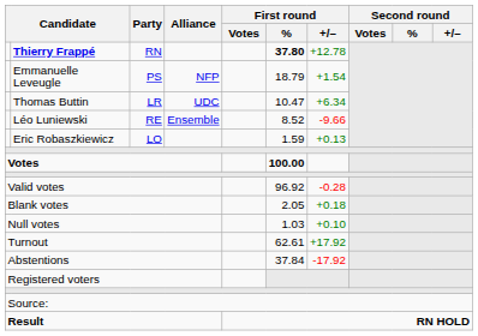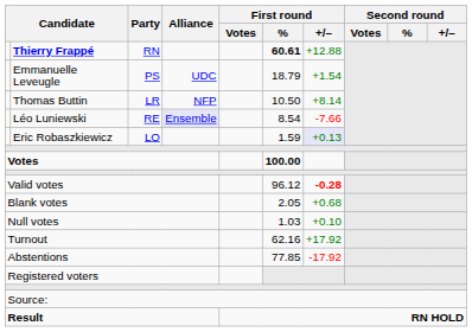 <table class="wikitable" style="text-align:right;font-size:95%;">
 <tr>
 <th rowspan="2" colspan="2">Candidate</th>
 <th colspan="1" rowspan="2">Party</th>
 <th colspan="1" rowspan="2">Alliance</th>
 <th colspan="3">First round</th>
 <th colspan="3">Second round</th>
 </tr>
 <tr>
 <th style="width:50px;">Votes</th>
 <th style="width:45px;">%</th>
 <th style="width:45px;">+/–</th>
 <th style="width:50px;">Votes</th>
 <th style="width:45px;">%</th>
 <th style="width:45px;">+/–</th>
 </tr>
 <tr>
 <td style="background:"></td>
 <td style="text-align:left;"><strong><a href='#'>Thierry Frappé</a></strong></td>
 <td><a href='#'>RN</a></td>
 <td></td>
 <td><strong></strong></td>
-<td><strong>37.80</strong></td>
-<td style="color:green;">+12.78</td>
+<td><strong>60.61</strong></td>
+<td style="color:green;">+12.88</td>
 <td colspan="3" rowspan="5" style="background:#E9E9E9;"></td>
 </tr>
 <tr>
 <td style="background:"></td>
 <td style="text-align:left;">Emmanuelle Leveugle</td>
 <td><a href='#'>PS</a></td>
-<td><a href='#'>NFP</a></td>
+<td><a href='#'>UDC</a></td>
 <td></td>
 <td>18.79</td>
 <td style="color:green;">+1.54</td>
 </tr>
 <tr>
 <td style="background:"></td>
 <td style="text-align:left;">Thomas Buttin</td>
 <td><a href='#'>LR</a></td>
-<td><a href='#'>UDC</a></td>
+<td><a href='#'>NFP</a></td>
 <td></td>
-<td>10.47</td>
-<td style="color:green;">+6.34</td>
+<td>10.50</td>
+<td style="color:green;">+8.14</td>
 </tr>
 <tr>
 <td style="background:"></td>
 <td style="text-align:left;">Léo Luniewski</td>
 <td><a href='#'>RE</a></td>
-<td><a href='#'>Ensemble</a></td>
+<td style="background: lavender;"><a href='#'>Ensemble</a></td>
 <td></td>
-<td>8.52</td>
-<td style="color:red;">-9.66</td>
+<td>8.54</td>
+<td style="color:red;">-7.66</td>
 </tr>
 <tr>
 <td style="background:"></td>
 <td style="text-align:left;">Eric Robaszkiewicz</td>
 <td><a href='#'>LO</a></td>
 <td></td>
 <td></td>
 <td>1.59</td>
-<td style="color:green;">+0.13</td>
+<td style="background: lavender; color:green;">+0.13</td>
 </tr>
 <tr>
 <td colspan="10" style="background:#E9E9E9;"></td>
 </tr>
 <tr style="font-weight:bold;">
 <td colspan="4" style="text-align:left;">Votes</td>
 <td></td>
 <td>100.00</td>
 <td></td>
 <td colspan="3" rowspan="1" style="background:#E9E9E9;"></td>
 </tr>
 <tr>
 <td colspan="10" style="background:#E9E9E9;"></td>
 </tr>
 <tr>
 <td colspan="4" style="text-align:left;">Valid votes</td>
 <td></td>
-<td>96.92</td>
-<td style="color:red;">-0.28</td>
+<td>96.12</td>
+<td style="color:red;"><strong>-0.28</strong></td>
 <td colspan="3" rowspan="1" style="background:#E9E9E9;"></td>
 </tr>
 <tr>
 <td colspan="4" style="text-align:left;">Blank votes</td>
 <td></td>
 <td>2.05</td>
-<td style="color:green;">+0.18</td>
+<td style="color:green;">+0.68</td>
 <td colspan="3" rowspan="1" style="background:#E9E9E9;"></td>
 </tr>
 <tr>
 <td colspan="4" style="text-align:left;">Null votes</td>
 <td></td>
 <td>1.03</td>
 <td style="color:green;">+0.10</td>
 <td colspan="3" rowspan="1" style="background:#E9E9E9;"></td>
 </tr>
 <tr>
 <td colspan="4" style="text-align:left;">Turnout</td>
 <td></td>
-<td>62.61</td>
+<td>62.16</td>
 <td style="color:green;">+17.92</td>
 <td colspan="3" rowspan="1" style="background:#E9E9E9;"></td>
 </tr>
 <tr>
 <td colspan="4" style="text-align:left;">Abstentions</td>
 <td></td>
-<td>37.84</td>
+<td>77.85</td>
 <td style="color:red;">-17.92</td>
 <td colspan="3" rowspan="1" style="background:#E9E9E9;"></td>
 </tr>
 <tr>
 <td colspan="4" style="text-align:left;">Registered voters</td>
 <td></td>
 <td colspan="2" style="background:#E9E9E9;"></td>
 <td colspan="3" rowspan="1" style="background:#E9E9E9;"></td>
 </tr>
 <tr>
 <td colspan="10" style="background:#E9E9E9;"></td>
 </tr>
 <tr>
 <td colspan="10" style="text-align:left;">Source: </td>
 </tr>
 <tr style="font-weight:bold">
 <td colspan="4" style="text-align:left;">Result</td>
 <td colspan="6" style="background-color:">RN HOLD</td>
 </tr>
 </table>
